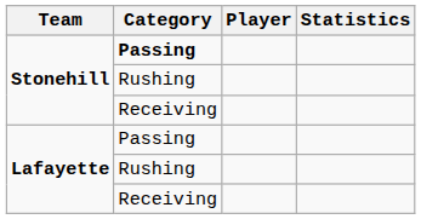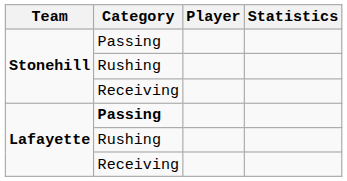 <table class="wikitable" style="float: right;">
 <tr>
 <th>Team</th>
 <th>Category</th>
 <th>Player</th>
 <th>Statistics</th>
 </tr>
 <tr>
 <td rowspan=3><strong>Stonehill</strong></td>
-<td><strong>Passing</strong></td>
+<td>Passing</td>
 <td></td>
 <td></td>
 </tr>
 <tr>
 <td>Rushing</td>
 <td></td>
 <td></td>
 </tr>
 <tr>
 <td>Receiving</td>
 <td></td>
 <td></td>
 </tr>
 <tr>
 <td rowspan=3><strong>Lafayette</strong></td>
-<td>Passing</td>
+<td><strong>Passing</strong></td>
 <td></td>
 <td></td>
 </tr>
 <tr>
 <td>Rushing</td>
 <td></td>
 <td></td>
 </tr>
 <tr>
 <td>Receiving</td>
 <td></td>
 <td></td>
 </tr>
 </table>
